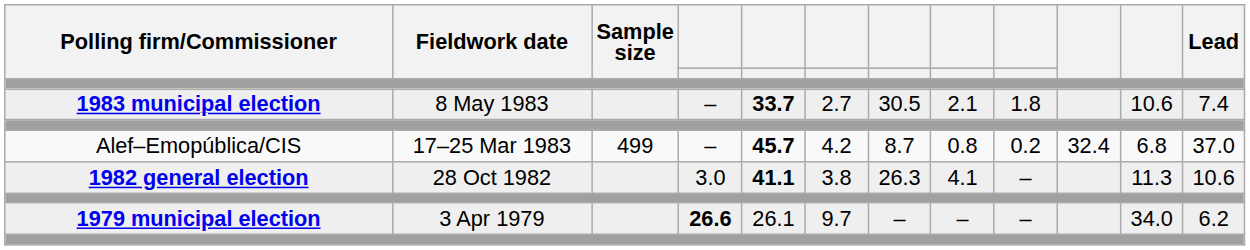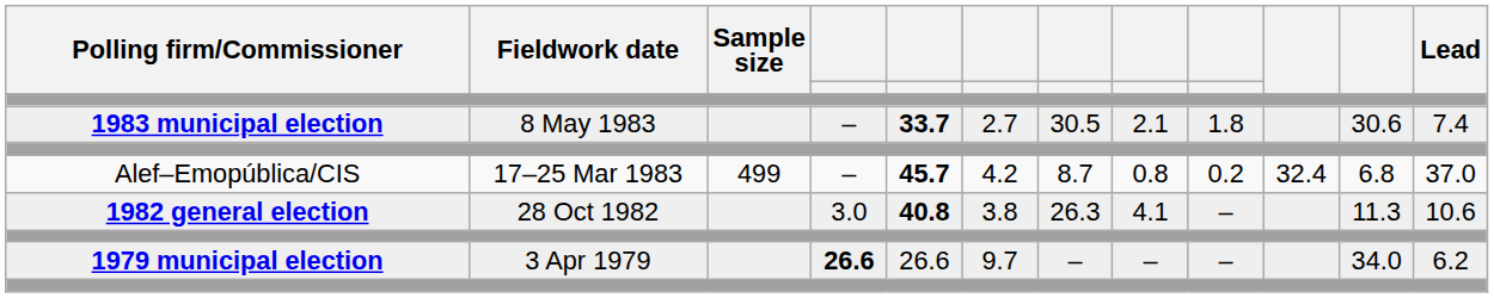 <table class="wikitable collapsible collapsed" style="text-align:center; font-size:90%; line-height:14px;">
 <tr style="height:42px;">
 <th style="width:250px;" rowspan="2">Polling firm/Commissioner</th>
 <th style="width:125px;" rowspan="2">Fieldwork date</th>
 <th style="width:50px;" rowspan="2">Sample size</th>
 <th style="width:35px;"></th>
 <th style="width:35px;"></th>
 <th style="width:35px;"></th>
 <th style="width:35px;"></th>
 <th style="width:35px;"></th>
 <th style="width:35px;"></th>
 <th style="width:35px;" rowspan="2"></th>
 <th style="width:35px;" rowspan="2"></th>
 <th style="width:30px;" rowspan="2">Lead</th>
 </tr>
 <tr>
 <th style="color:inherit;background:"></th>
 <th style="color:inherit;background:"></th>
 <th style="color:inherit;background:"></th>
 <th style="color:inherit;background:"></th>
 <th style="color:inherit;background:"></th>
 <th style="color:inherit;background:"></th>
 </tr>
 <tr>
 <td colspan="12" style="background:#A0A0A0"></td>
 </tr>
 <tr style="background:#EFEFEF;">
 <td><strong><a href='#'>1983 municipal election</a></strong></td>
 <td>8 May 1983</td>
 <td></td>
 <td>–</td>
 <td><strong>33.7</strong></td>
 <td>2.7</td>
 <td>30.5</td>
 <td>2.1</td>
 <td>1.8</td>
 <td></td>
-<td>10.6</td>
+<td>30.6</td>
 <td style="background:">7.4</td>
 </tr>
 <tr>
 <td colspan="12" style="background:#A0A0A0"></td>
 </tr>
 <tr>
 <td>Alef–Emopública/CIS</td>
 <td>17–25 Mar 1983</td>
 <td>499</td>
 <td>–</td>
 <td><strong>45.7</strong></td>
 <td>4.2</td>
 <td>8.7</td>
 <td>0.8</td>
 <td>0.2</td>
 <td>32.4</td>
 <td>6.8</td>
 <td style="background:">37.0</td>
 </tr>
 <tr style="background:#EFEFEF;">
 <td><strong><a href='#'>1982 general election</a></strong></td>
 <td>28 Oct 1982</td>
 <td></td>
 <td>3.0</td>
-<td><strong>41.1</strong></td>
+<td><strong>40.8</strong></td>
 <td>3.8</td>
 <td>26.3</td>
 <td>4.1</td>
 <td>–</td>
 <td></td>
 <td>11.3</td>
 <td style="background:">10.6</td>
 </tr>
 <tr>
 <td colspan="12" style="background:#A0A0A0"></td>
 </tr>
 <tr style="background:#EFEFEF;">
 <td><strong><a href='#'>1979 municipal election</a></strong></td>
 <td>3 Apr 1979</td>
 <td></td>
 <td><strong>26.6</strong></td>
-<td>26.1</td>
+<td>26.6</td>
 <td>9.7</td>
 <td>–</td>
 <td>–</td>
 <td>–</td>
 <td></td>
 <td>34.0</td>
 <td style="background:">6.2</td>
 </tr>
 <tr>
 <td colspan="12" style="background:#A0A0A0"></td>
 </tr>
 </table>
